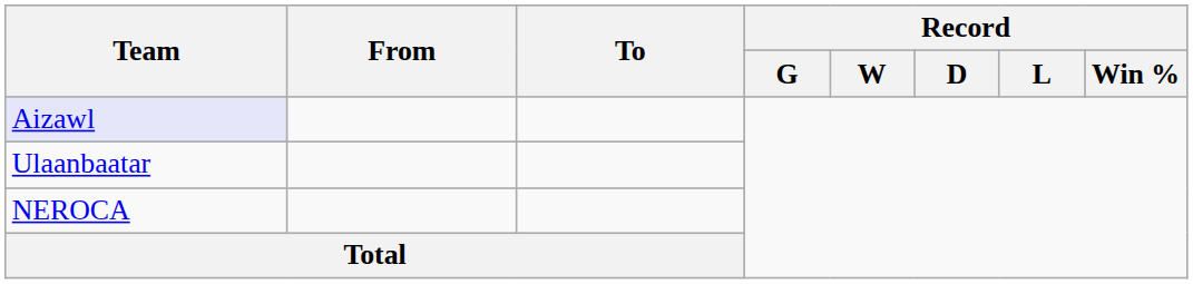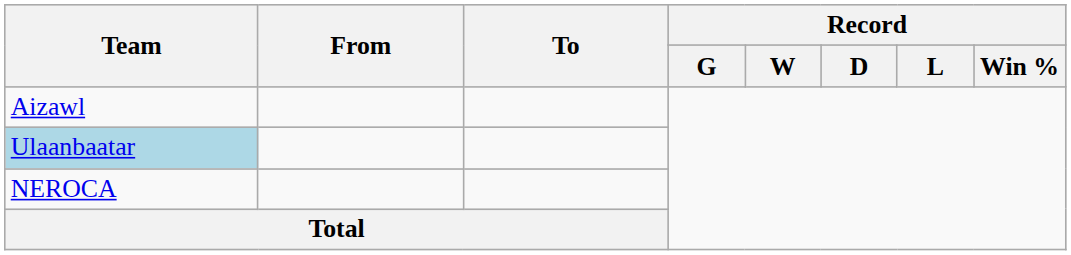 <table class="wikitable" style="text-align: center">
 <tr>
 <th rowspan=2! width=150>Team</th>
 <th rowspan=2! width=120>From</th>
 <th rowspan=2! width=120>To</th>
 <th colspan=7>Record</th>
 </tr>
 <tr>
 <th width=40>G</th>
 <th width=40>W</th>
 <th width=40>D</th>
 <th width=40>L</th>
 <th width=50>Win %</th>
 </tr>
 <tr>
-<td align=left style="background: lavender;"><a href='#'>Aizawl</a></td>
+<td align=left><a href='#'>Aizawl</a></td>
 <td align=left></td>
 <td align=left><br></td>
 </tr>
 <tr>
-<td align=left><a href='#'>Ulaanbaatar</a></td>
+<td align=left style="background: lightblue;"><a href='#'>Ulaanbaatar</a></td>
 <td align=left></td>
 <td align=left><br></td>
 </tr>
 <tr>
 <td align=left><a href='#'>NEROCA</a></td>
 <td align=left></td>
 <td align=left><br></td>
 </tr>
 <tr>
 <th colspan="3">Total<br></th>
 </tr>
 </table>
